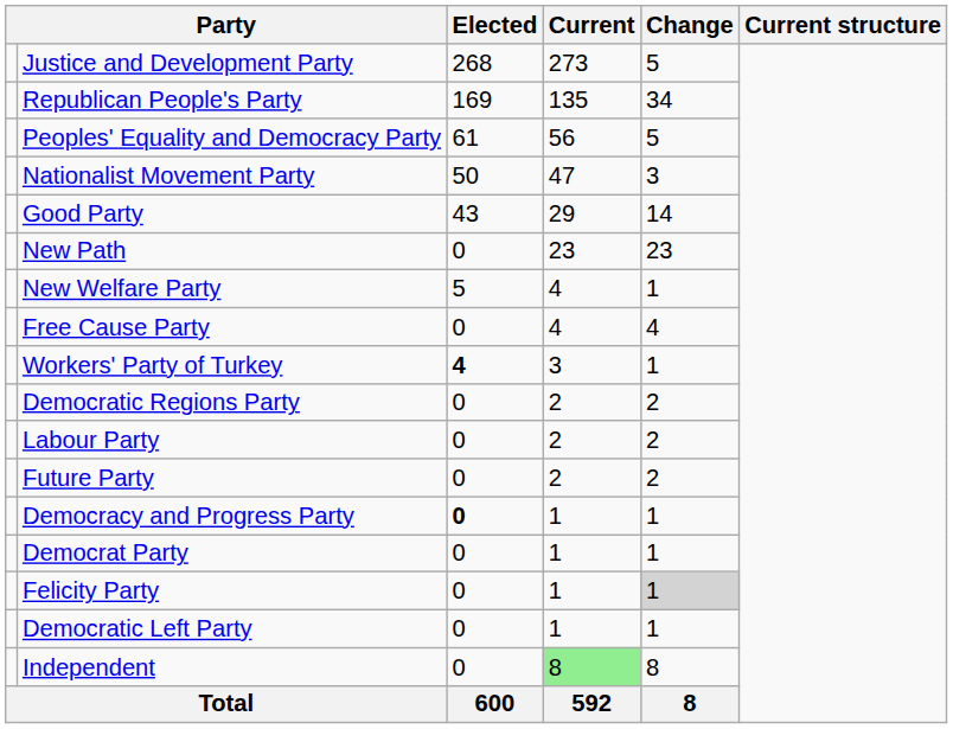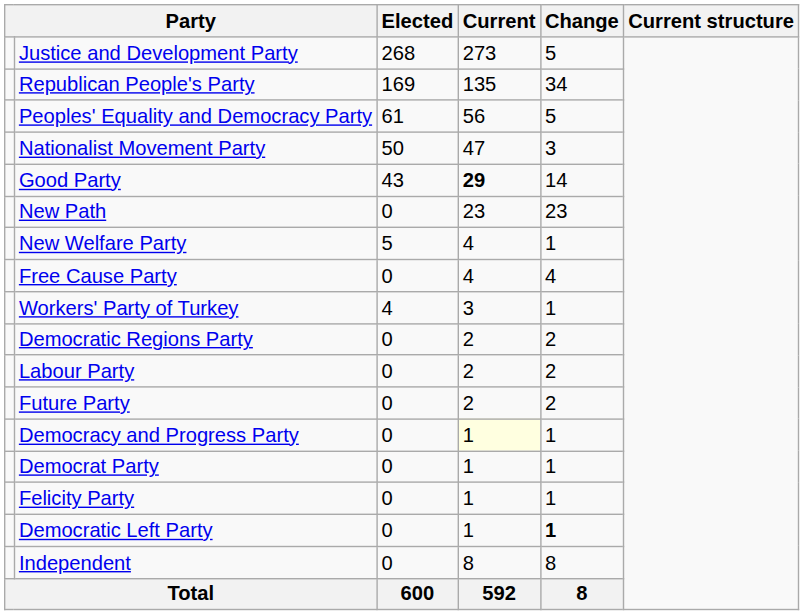 <table class=wikitable style="font-size:90%;">
 <tr>
 <th colspan="2">Party</th>
 <th>Elected</th>
 <th>Current</th>
 <th>Change</th>
 <th>Current structure</th>
 </tr>
 <tr>
 <td style="background:"></td>
 <td><a href='#'>Justice and Development Party</a></td>
 <td>268</td>
 <td>273</td>
 <td> 5</td>
 <td rowspan="18"></td>
 </tr>
 <tr>
 <td style="background:"></td>
 <td><a href='#'>Republican People's Party</a></td>
 <td>169</td>
 <td>135</td>
 <td> 34</td>
 </tr>
 <tr>
 <td style="background:"></td>
 <td><a href='#'>Peoples' Equality and Democracy Party</a></td>
 <td>61</td>
 <td>56</td>
 <td> 5</td>
 </tr>
 <tr>
 <td style="background:"></td>
 <td><a href='#'>Nationalist Movement Party</a></td>
 <td>50</td>
 <td>47</td>
 <td> 3</td>
 </tr>
 <tr>
 <td style="background:"></td>
 <td><a href='#'>Good Party</a></td>
 <td>43</td>
-<td>29</td>
+<td><strong>29</strong></td>
 <td> 14</td>
 </tr>
 <tr>
 <td style="background:"></td>
 <td><a href='#'>New Path</a></td>
 <td>0</td>
 <td>23</td>
 <td> 23</td>
 </tr>
 <tr>
 <td style="background:"></td>
 <td><a href='#'>New Welfare Party</a></td>
 <td>5</td>
 <td>4</td>
 <td> 1</td>
 </tr>
 <tr>
 <td style="background:"></td>
 <td><a href='#'>Free Cause Party</a></td>
 <td>0</td>
 <td>4</td>
 <td> 4</td>
 </tr>
 <tr>
 <td style="background:"></td>
 <td><a href='#'>Workers' Party of Turkey</a></td>
-<td><strong>4</strong></td>
+<td>4</td>
 <td>3</td>
 <td> 1</td>
 </tr>
 <tr>
 <td style="background:"></td>
 <td><a href='#'>Democratic Regions Party</a></td>
 <td>0</td>
 <td>2</td>
 <td> 2</td>
 </tr>
 <tr>
 <td style="background:"></td>
 <td><a href='#'>Labour Party</a></td>
 <td>0</td>
 <td>2</td>
 <td> 2</td>
 </tr>
 <tr>
 <td style="background:"></td>
 <td><a href='#'>Future Party</a></td>
 <td>0</td>
 <td>2</td>
 <td> 2</td>
 </tr>
 <tr>
 <td style="background:"></td>
 <td><a href='#'>Democracy and Progress Party</a></td>
-<td><strong>0</strong></td>
-<td>1</td>
+<td>0</td>
+<td style="background: lightyellow;">1</td>
 <td> 1</td>
 </tr>
 <tr>
 <td style="background:"></td>
 <td><a href='#'>Democrat Party</a></td>
 <td>0</td>
 <td>1</td>
 <td> 1</td>
 </tr>
 <tr>
 <td style="background:"></td>
 <td><a href='#'>Felicity Party</a></td>
 <td>0</td>
 <td>1</td>
-<td style="background: lightgrey;"> 1</td>
+<td> 1</td>
 </tr>
 <tr>
 <td style="background:"></td>
 <td><a href='#'>Democratic Left Party</a></td>
 <td>0</td>
 <td>1</td>
-<td> 1</td>
+<td><strong> 1</strong></td>
 </tr>
 <tr>
 <td style="background:"></td>
 <td><a href='#'> Independent</a></td>
 <td>0</td>
-<td style="background: lightgreen;">8</td>
+<td>8</td>
 <td> 8</td>
 </tr>
 <tr>
 <th colspan="2"><strong>Total</strong></th>
 <th><strong>600</strong></th>
 <th><strong>592</strong></th>
 <th> 8</th>
 </tr>
 </table>
